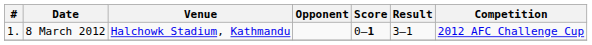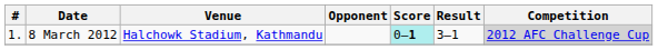 <table class="wikitable">
 <tr>
 <th>#</th>
 <th>Date</th>
 <th>Venue</th>
 <th>Opponent</th>
 <th>Score</th>
 <th>Result</th>
 <th>Competition</th>
 </tr>
 <tr>
 <td>1.</td>
 <td>8 March 2012</td>
 <td><a href='#'>Halchowk Stadium</a>, <a href='#'>Kathmandu</a></td>
 <td></td>
-<td>0–<strong>1</strong></td>
+<td style="background: paleturquoise;">0–<strong>1</strong></td>
 <td>3–1</td>
-<td><a href='#'>2012 AFC Challenge Cup</a></td>
+<td style="background: lightgrey;"><a href='#'>2012 AFC Challenge Cup</a></td>
 </tr>
 <tr>
 </tr>
 </table>
